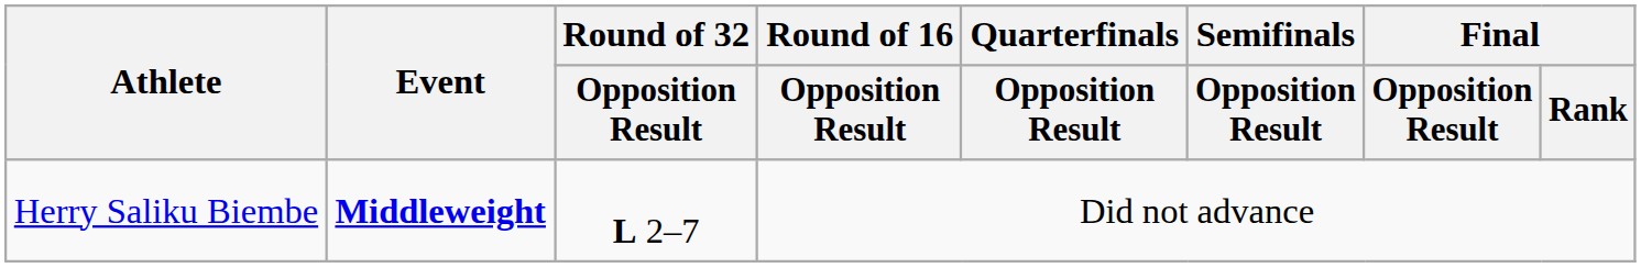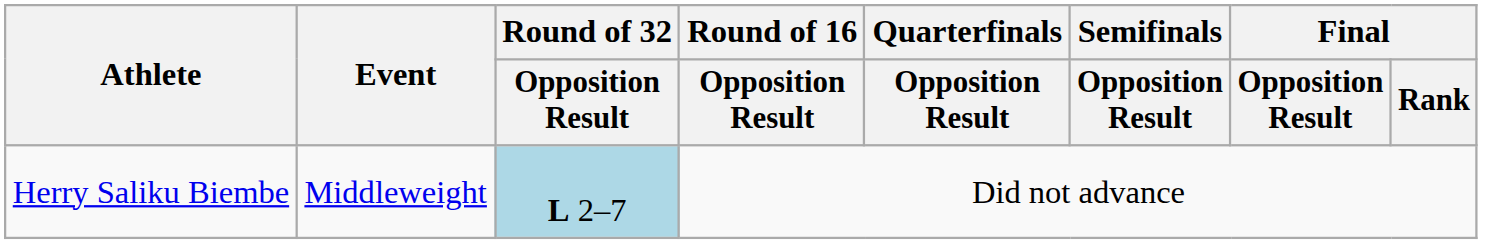 <table class="wikitable" style="font-size:90%">
 <tr>
 <th rowspan="2">Athlete</th>
 <th rowspan="2">Event</th>
 <th>Round of 32</th>
 <th>Round of 16</th>
 <th>Quarterfinals</th>
 <th>Semifinals</th>
 <th colspan=2>Final</th>
 </tr>
 <tr style="font-size:95%">
 <th>Opposition<br>Result</th>
 <th>Opposition<br>Result</th>
 <th>Opposition<br>Result</th>
 <th>Opposition<br>Result</th>
 <th>Opposition<br>Result</th>
 <th>Rank</th>
 </tr>
 <tr align=center>
 <td align=left><a href='#'>Herry Saliku Biembe</a></td>
-<td align=left><strong><a href='#'>Middleweight</a></strong></td>
-<td><br><strong>L</strong> 2–7</td>
+<td align=left><a href='#'>Middleweight</a></td>
+<td style="background: lightblue;"><br><strong>L</strong> 2–7</td>
 <td colspan=6>Did not advance</td>
 </tr>
 </table>
